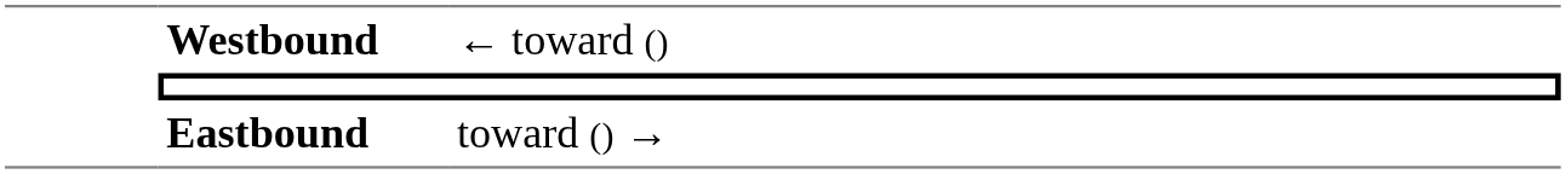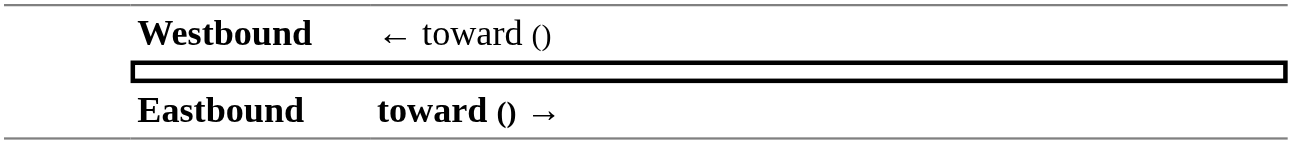 <table table border=0 cellspacing=0 cellpadding=3>
 <tr>
 <td style="border-top:solid 1px gray;border-bottom:solid 1px gray;" width=50 rowspan=3 valign=top></td>
 <td style="border-top:solid 1px gray;" width=100><strong>Westbound</strong></td>
 <td style="border-top:solid 1px gray;" width=400>←  toward  <small>()</small></td>
 </tr>
 <tr>
 <td style="border-top:solid 2px black;border-right:solid 2px black;border-left:solid 2px black;border-bottom:solid 2px black;text-align:center;" colspan=2></td>
 </tr>
 <tr>
 <td style="border-bottom:solid 1px gray;"><strong>Eastbound</strong></td>
-<td style="border-bottom:solid 1px gray;"> toward  <small>()</small> →</td>
+<td style="border-bottom:solid 1px gray;"><strong> toward  <small>()</small> →</strong></td>
 </tr>
 </table>
